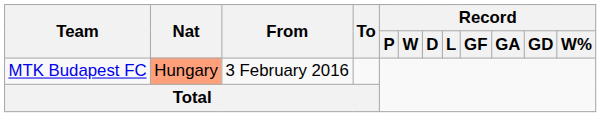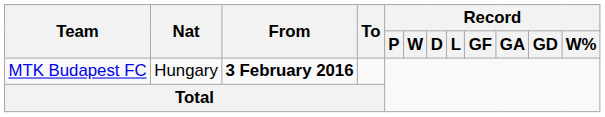 <table class="wikitable" style="text-align: center">
 <tr>
 <th rowspan="2">Team</th>
 <th rowspan="2">Nat</th>
 <th rowspan="2">From</th>
 <th rowspan="2">To</th>
 <th colspan="8">Record</th>
 </tr>
 <tr>
 <th>P</th>
 <th>W</th>
 <th>D</th>
 <th>L</th>
 <th>GF</th>
 <th>GA</th>
 <th>GD</th>
 <th>W%</th>
 </tr>
 <tr>
 <td align=left><a href='#'>MTK Budapest FC</a></td>
-<td style="background: lightsalmon;">Hungary</td>
-<td align=left>3 February 2016</td>
+<td>Hungary</td>
+<td align=left><strong>3 February 2016</strong></td>
 <td align=left><br></td>
 </tr>
 <tr>
 <th colspan="4">Total<br></th>
 </tr>
 </table>
